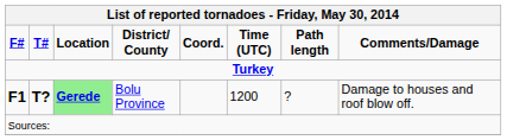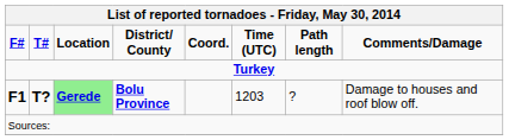 <table class="wikitable collapsible" width="100%">
 <tr>
 <th colspan="8">List of reported tornadoes - Friday, May 30, 2014</th>
 </tr>
 <tr>
 <td style="text-align: center;"><strong><a href='#'>F#</a></strong></td>
 <td style="text-align: center;"><strong><a href='#'>T#</a></strong></td>
 <td style="text-align: center;"><strong>Location</strong></td>
 <td style="text-align: center;"><strong>District/<br>County</strong></td>
 <td style="text-align: center;"><strong>Coord.</strong></td>
 <td style="text-align: center;"><strong>Time (UTC)</strong></td>
 <td style="text-align: center;"><strong>Path length</strong></td>
 <td style="text-align: center;"><strong>Comments/Damage</strong></td>
 </tr>
 <tr>
 <td colspan="8" align=center><strong><a href='#'>Turkey</a></strong></td>
 </tr>
 <tr>
 <td><big><strong>F1</strong></big></td>
 <td><big><strong>T?</strong></big></td>
 <td style="background: lightgreen;"><strong><a href='#'>Gerede</a></strong></td>
-<td><a href='#'>Bolu Province</a></td>
+<td><strong><a href='#'>Bolu Province</a></strong></td>
 <td></td>
-<td>1200</td>
+<td>1203</td>
 <td>?</td>
 <td>Damage to houses and roof blow off.</td>
 </tr>
 <tr>
 <td colspan="8"><small>Sources:</small></td>
 </tr>
 <tr>
 </tr>
 </table>
